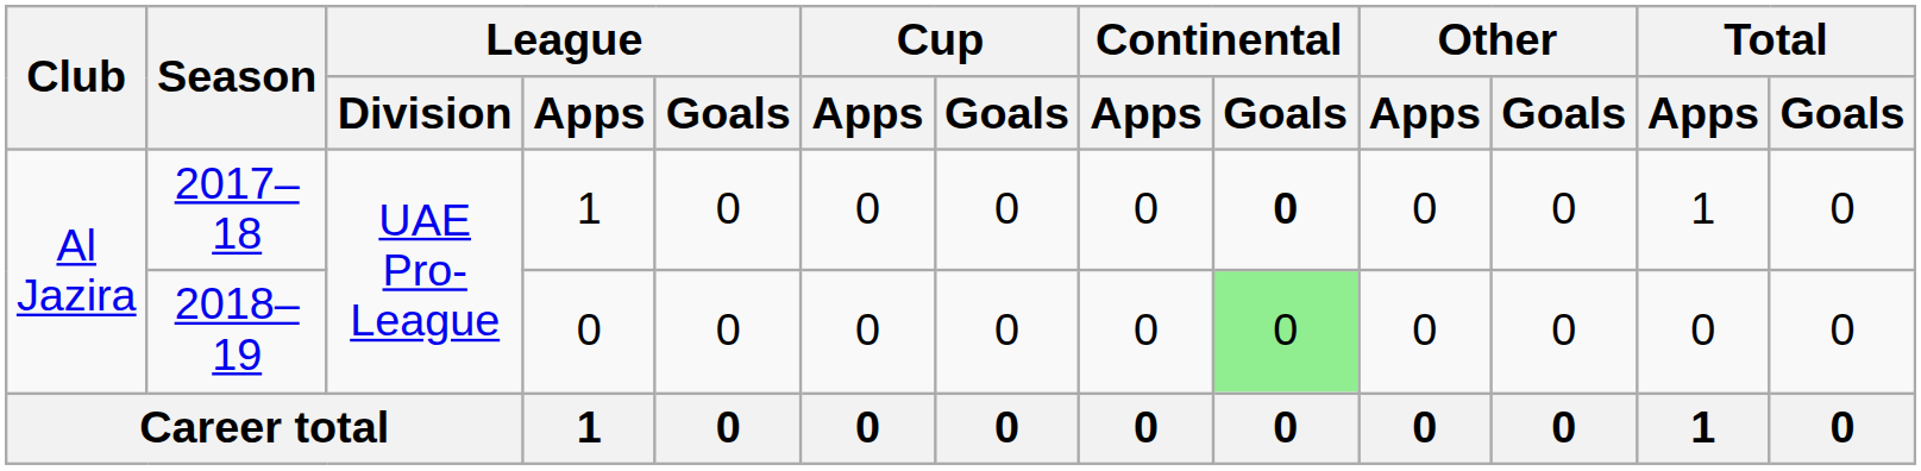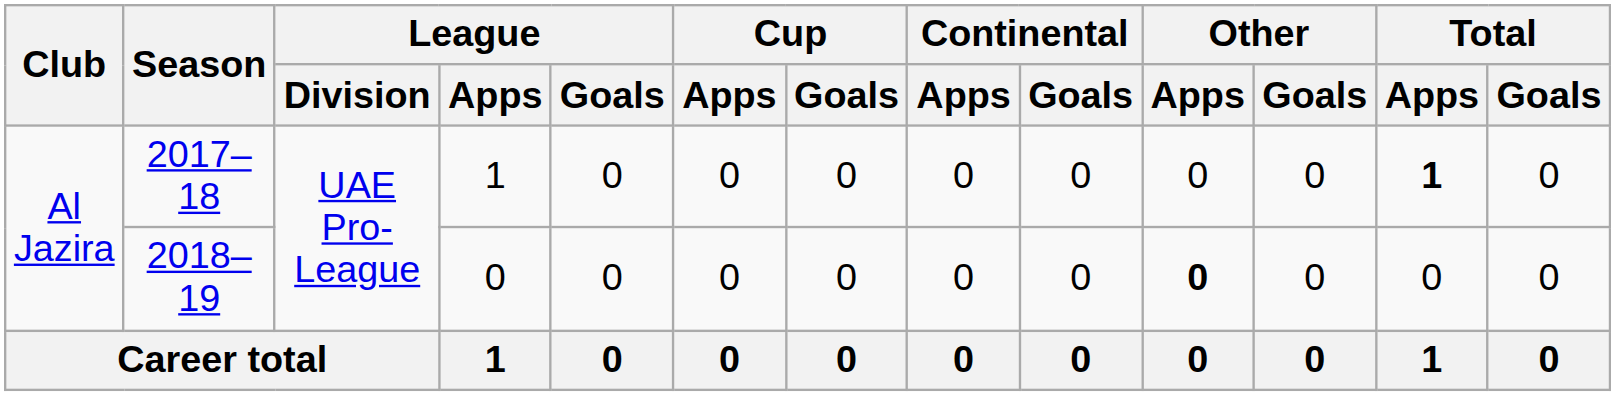 <table class="wikitable" style="text-align: center">
 <tr>
 <th rowspan="2">Club</th>
 <th rowspan="2">Season</th>
 <th colspan="3">League</th>
 <th colspan="2">Cup</th>
 <th colspan="2">Continental</th>
 <th colspan="2">Other</th>
 <th colspan="2">Total</th>
 </tr>
 <tr>
 <th>Division</th>
 <th>Apps</th>
 <th>Goals</th>
 <th>Apps</th>
 <th>Goals</th>
 <th>Apps</th>
 <th>Goals</th>
 <th>Apps</th>
 <th>Goals</th>
 <th>Apps</th>
 <th>Goals</th>
 </tr>
 <tr>
 <td rowspan="2"><a href='#'>Al Jazira</a></td>
 <td><a href='#'>2017–18</a></td>
 <td rowspan="2"><a href='#'>UAE Pro-League</a></td>
 <td>1</td>
 <td>0</td>
 <td>0</td>
 <td>0</td>
 <td>0</td>
-<td><strong>0</strong></td>
 <td>0</td>
 <td>0</td>
-<td>1</td>
+<td>0</td>
+<td><strong>1</strong></td>
 <td>0</td>
 </tr>
 <tr>
 <td><a href='#'>2018–19</a></td>
 <td>0</td>
 <td>0</td>
 <td>0</td>
 <td>0</td>
 <td>0</td>
-<td style="background: lightgreen;">0</td>
 <td>0</td>
+<td><strong>0</strong></td>
 <td>0</td>
 <td>0</td>
 <td>0</td>
 </tr>
 <tr>
 <th colspan="3"><strong>Career total</strong></th>
 <th>1</th>
 <th>0</th>
 <th>0</th>
 <th>0</th>
 <th>0</th>
 <th>0</th>
 <th>0</th>
 <th>0</th>
 <th>1</th>
 <th>0</th>
 </tr>
 </table>
